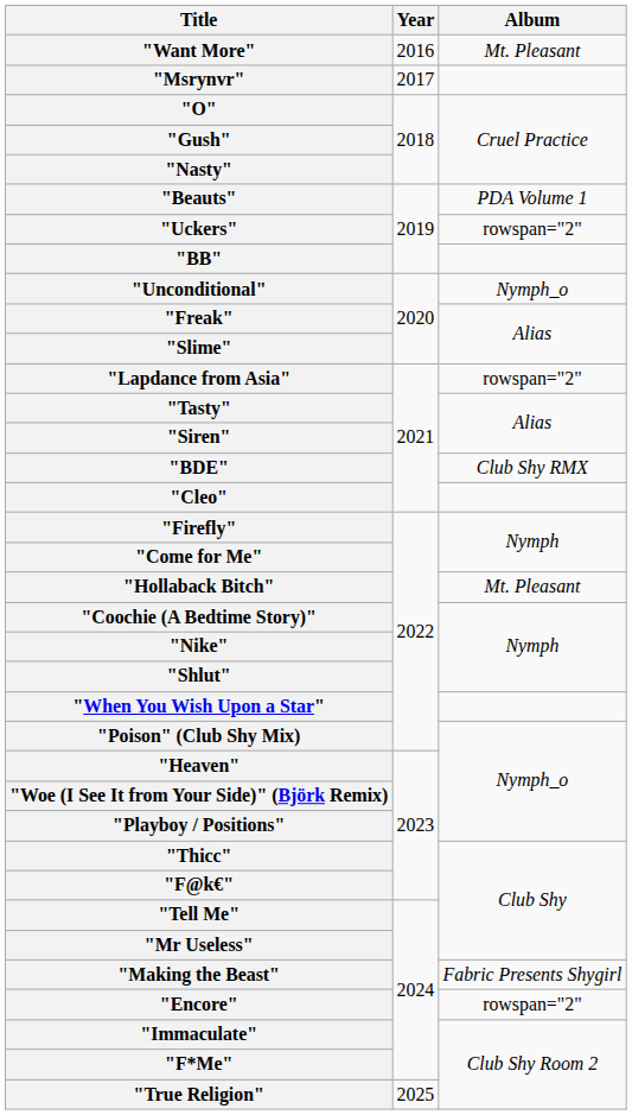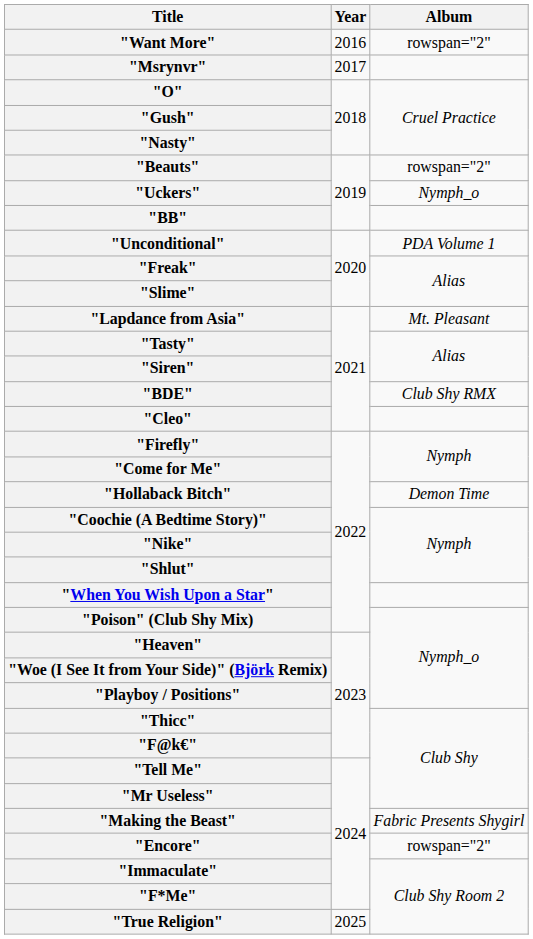 <table class="wikitable plainrowheaders" style="text-align:center">
 <tr>
 <th scope="col">Title</th>
 <th scope="col">Year</th>
 <th scope="col">Album</th>
 </tr>
 <tr>
 <th scope="row">"Want More"</th>
 <td>2016</td>
-<td><em>Mt. Pleasant</em></td>
+<td>rowspan="2" </td>
 </tr>
 <tr>
 <th scope="row">"Msrynvr"</th>
 <td>2017</td>
 </tr>
 <tr>
 <th scope="row">"O"</th>
 <td rowspan="3">2018</td>
 <td rowspan="3"><em>Cruel Practice</em></td>
 </tr>
 <tr>
 <th scope="row">"Gush"</th>
 </tr>
 <tr>
 <th scope="row">"Nasty"</th>
 </tr>
 <tr>
 <th scope="row">"Beauts"</th>
 <td rowspan="3">2019</td>
-<td><em>PDA Volume 1</em></td>
+<td>rowspan="2" </td>
 </tr>
 <tr>
 <th scope="row">"Uckers"</th>
-<td>rowspan="2" </td>
+<td><em>Nymph_o</em></td>
 </tr>
 <tr>
 <th scope="row">"BB"</th>
 </tr>
 <tr>
 <th scope="row">"Unconditional"<br></th>
 <td rowspan="3">2020</td>
-<td><em>Nymph_o</em></td>
+<td><em>PDA Volume 1</em></td>
 </tr>
 <tr>
 <th scope="row">"Freak"</th>
 <td rowspan="2"><em>Alias</em></td>
 </tr>
 <tr>
 <th scope="row">"Slime"</th>
 </tr>
 <tr>
 <th scope="row">"Lapdance from Asia"<br></th>
 <td rowspan="5">2021</td>
-<td>rowspan="2" </td>
+<td><em>Mt. Pleasant</em></td>
 </tr>
 <tr>
 <th scope="row">"Tasty"</th>
 <td rowspan="2"><em>Alias</em></td>
 </tr>
 <tr>
 <th scope="row">"Siren"</th>
 </tr>
 <tr>
 <th scope="row">"BDE"<br></th>
 <td><em>Club Shy RMX</em></td>
 </tr>
 <tr>
 <th scope="row">"Cleo"</th>
 </tr>
 <tr>
 <th scope="row">"Firefly"</th>
 <td rowspan="8">2022</td>
 <td rowspan="2"><em>Nymph</em></td>
 </tr>
 <tr>
 <th scope="row">"Come for Me"</th>
 </tr>
 <tr>
 <th scope="row">"Hollaback Bitch"<br></th>
-<td><em>Mt. Pleasant</em></td>
+<td><em>Demon Time</em></td>
 </tr>
 <tr>
 <th scope="row">"Coochie (A Bedtime Story)"</th>
 <td rowspan="3"><em>Nymph</em></td>
 </tr>
 <tr>
 <th scope="row">"Nike"</th>
 </tr>
 <tr>
 <th scope="row">"Shlut"</th>
 </tr>
 <tr>
 <th scope="row">"<a href='#'>When You Wish Upon a Star</a>"</th>
 <td></td>
 </tr>
 <tr>
 <th scope="row">"Poison" (Club Shy Mix)</th>
 <td rowspan="4"><em>Nymph_o</em></td>
 </tr>
 <tr>
 <th scope="row">"Heaven"<br></th>
 <td rowspan="5">2023</td>
 </tr>
 <tr>
 <th scope="row">"Woe (I See It from Your Side)" (<a href='#'>Björk</a> Remix)</th>
 </tr>
 <tr>
 <th scope="row">"Playboy / Positions"</th>
 </tr>
 <tr>
 <th scope="row">"Thicc"<br></th>
 <td rowspan="4"><em>Club Shy</em></td>
 </tr>
 <tr>
 <th scope="row">"F@k€"<br></th>
 </tr>
 <tr>
 <th scope="row">"Tell Me"<br></th>
 <td rowspan="6">2024</td>
 </tr>
 <tr>
 <th scope="row">"Mr Useless"<br></th>
 </tr>
 <tr>
 <th scope="row">"Making the Beast"</th>
 <td><em>Fabric Presents Shygirl</em></td>
 </tr>
 <tr>
 <th scope="row">"Encore"<br></th>
 <td>rowspan="2" </td>
 </tr>
 <tr>
 <th scope="row">"Immaculate"<br></th>
 <td rowspan="3"><em>Club Shy Room 2</em></td>
 </tr>
 <tr>
 <th scope="row">"F*Me"<br></th>
 </tr>
 <tr>
 <th scope="row">"True Religion"<br></th>
 <td>2025</td>
 </tr>
 </table>
